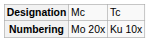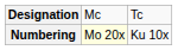 <table class="wikitable">
 <tr>
 <th>Designation</th>
 <td>Mc</td>
 <td>Tc</td>
 </tr>
 <tr>
 <th>Numbering</th>
-<td>Mo 20x</td>
+<td style="background: lightyellow;">Mo 20x</td>
 <td>Ku 10x</td>
 </tr>
 </table>
